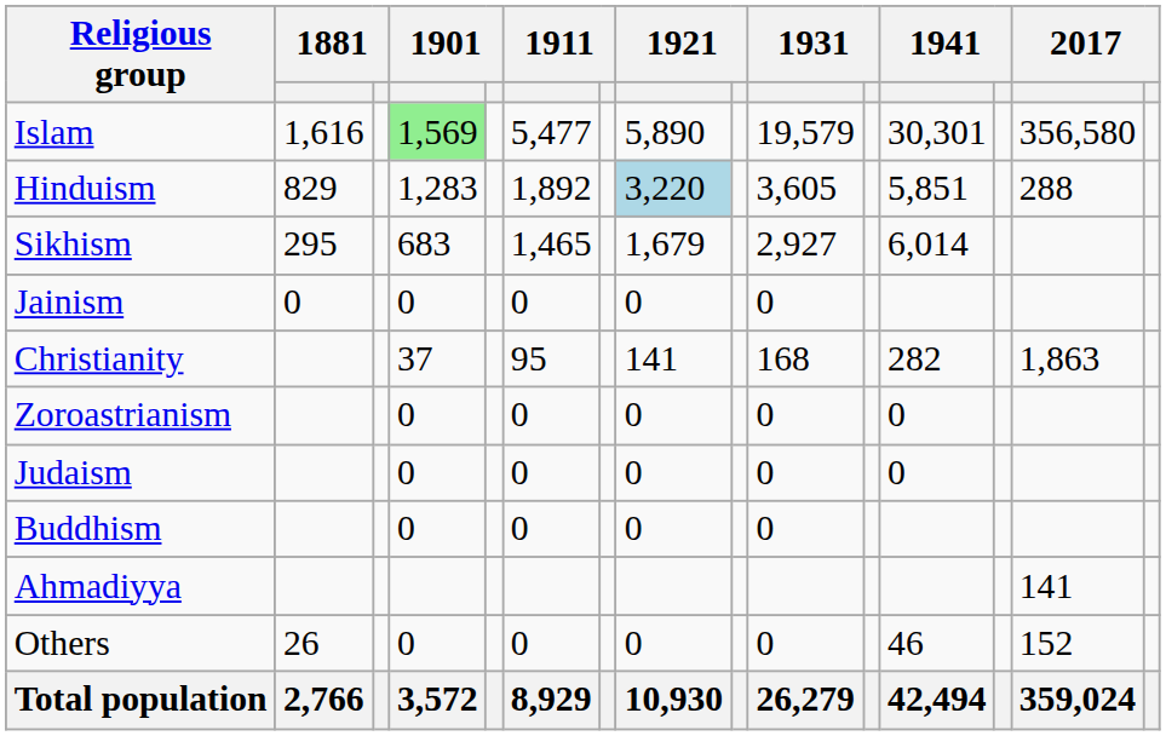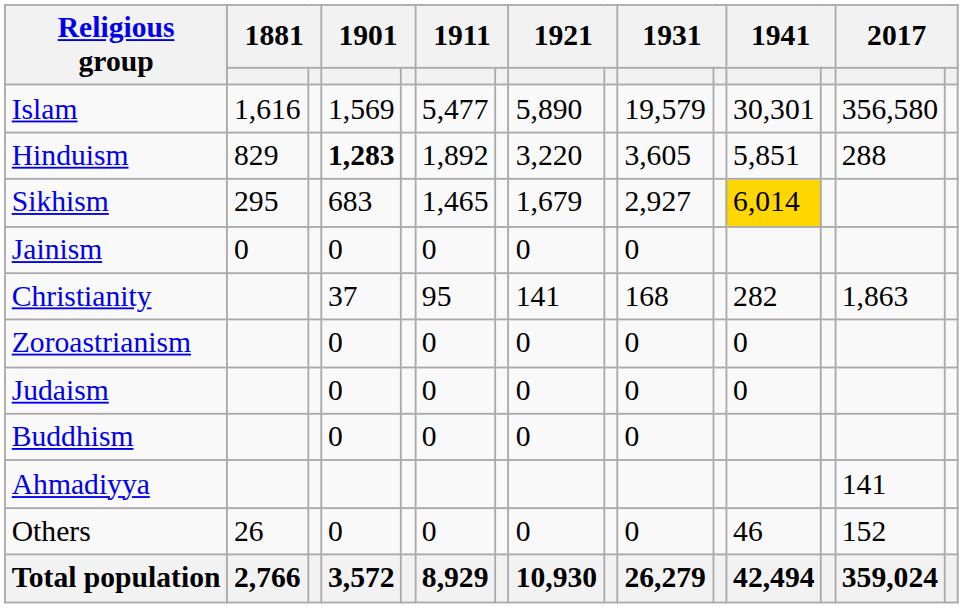 <table class="wikitable collapsible sortable">
 <tr>
 <th rowspan="2"><a href='#'>Religious</a><br>group</th>
 <th colspan="2">1881</th>
 <th colspan="2">1901</th>
 <th colspan="2">1911</th>
 <th colspan="2">1921</th>
 <th colspan="2">1931</th>
 <th colspan="2">1941</th>
 <th colspan="2">2017</th>
 </tr>
 <tr>
 <th><a href='#'></a></th>
 <th></th>
 <th></th>
 <th></th>
 <th></th>
 <th></th>
 <th></th>
 <th></th>
 <th></th>
 <th></th>
 <th></th>
 <th></th>
 <th></th>
 <th></th>
 </tr>
 <tr>
 <td><a href='#'>Islam</a> </td>
 <td>1,616</td>
 <td></td>
-<td style="background: lightgreen;">1,569</td>
+<td>1,569</td>
 <td></td>
 <td>5,477</td>
 <td></td>
 <td>5,890</td>
 <td></td>
 <td>19,579</td>
 <td></td>
 <td>30,301</td>
 <td></td>
 <td>356,580</td>
 <td></td>
 </tr>
 <tr>
 <td><a href='#'>Hinduism</a> </td>
 <td>829</td>
 <td></td>
-<td>1,283</td>
+<td><strong>1,283</strong></td>
 <td></td>
 <td>1,892</td>
 <td></td>
-<td style="background: lightblue;">3,220</td>
+<td>3,220</td>
 <td></td>
 <td>3,605</td>
 <td></td>
 <td>5,851</td>
 <td></td>
 <td>288</td>
 <td></td>
 </tr>
 <tr>
 <td><a href='#'>Sikhism</a> </td>
 <td>295</td>
 <td></td>
 <td>683</td>
 <td></td>
 <td>1,465</td>
 <td></td>
 <td>1,679</td>
 <td></td>
 <td>2,927</td>
 <td></td>
-<td>6,014</td>
+<td style="background: gold;">6,014</td>
 <td></td>
 <td></td>
 <td></td>
 </tr>
 <tr>
 <td><a href='#'>Jainism</a> </td>
 <td>0</td>
 <td></td>
 <td>0</td>
 <td></td>
 <td>0</td>
 <td></td>
 <td>0</td>
 <td></td>
 <td>0</td>
 <td></td>
 <td></td>
 <td></td>
 <td></td>
 <td></td>
 </tr>
 <tr>
 <td><a href='#'>Christianity</a> </td>
 <td></td>
 <td></td>
 <td>37</td>
 <td></td>
 <td>95</td>
 <td></td>
 <td>141</td>
 <td></td>
 <td>168</td>
 <td></td>
 <td>282</td>
 <td></td>
 <td>1,863</td>
 <td></td>
 </tr>
 <tr>
 <td><a href='#'>Zoroastrianism</a> </td>
 <td></td>
 <td></td>
 <td>0</td>
 <td></td>
 <td>0</td>
 <td></td>
 <td>0</td>
 <td></td>
 <td>0</td>
 <td></td>
 <td>0</td>
 <td></td>
 <td></td>
 <td></td>
 </tr>
 <tr>
 <td><a href='#'>Judaism</a> </td>
 <td></td>
 <td></td>
 <td>0</td>
 <td></td>
 <td>0</td>
 <td></td>
 <td>0</td>
 <td></td>
 <td>0</td>
 <td></td>
 <td>0</td>
 <td></td>
 <td></td>
 <td></td>
 </tr>
 <tr>
 <td><a href='#'>Buddhism</a> </td>
 <td></td>
 <td></td>
 <td>0</td>
 <td></td>
 <td>0</td>
 <td></td>
 <td>0</td>
 <td></td>
 <td>0</td>
 <td></td>
 <td></td>
 <td></td>
 <td></td>
 <td></td>
 </tr>
 <tr>
 <td><a href='#'>Ahmadiyya</a> </td>
 <td></td>
 <td></td>
 <td></td>
 <td></td>
 <td></td>
 <td></td>
 <td></td>
 <td></td>
 <td></td>
 <td></td>
 <td></td>
 <td></td>
 <td>141</td>
 <td></td>
 </tr>
 <tr>
 <td>Others</td>
 <td>26</td>
 <td></td>
 <td>0</td>
 <td></td>
 <td>0</td>
 <td></td>
 <td>0</td>
 <td></td>
 <td>0</td>
 <td></td>
 <td>46</td>
 <td></td>
 <td>152</td>
 <td></td>
 </tr>
 <tr>
 <th>Total population</th>
 <th>2,766</th>
 <th></th>
 <th>3,572</th>
 <th></th>
 <th>8,929</th>
 <th></th>
 <th>10,930</th>
 <th></th>
 <th>26,279</th>
 <th></th>
 <th>42,494</th>
 <th></th>
 <th>359,024</th>
 <th></th>
 </tr>
 </table>
